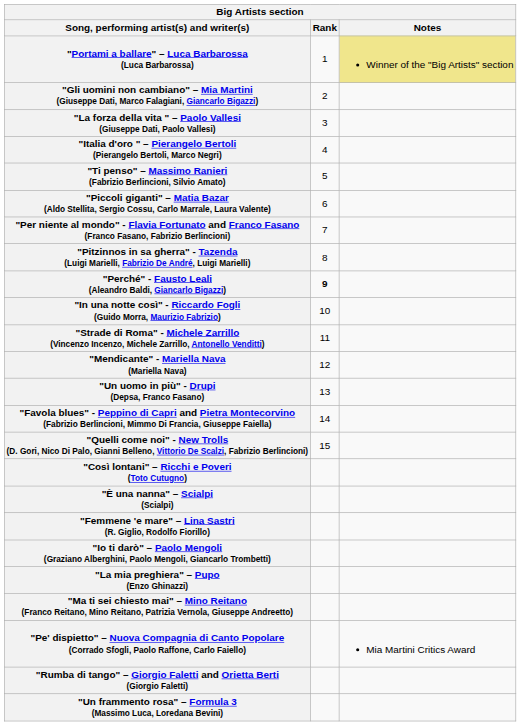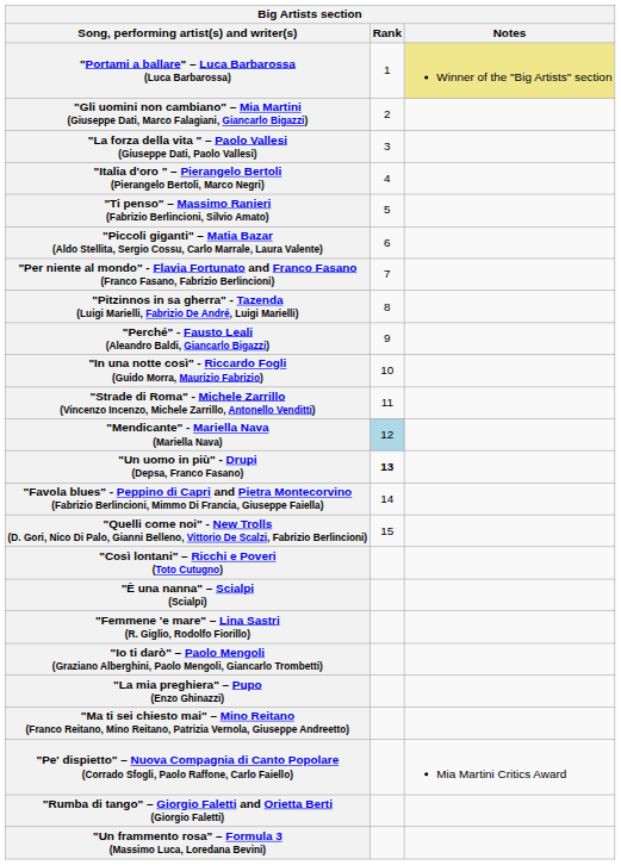 <table class="plainrowheaders wikitable">
 <tr>
 <th colspan="3">Big Artists section </th>
 </tr>
 <tr>
 <th>Song, performing artist(s) and writer(s)</th>
 <th>Rank</th>
 <th>Notes</th>
 </tr>
 <tr>
 <th scope="row">"<a href='#'>Portami a ballare</a>" –  <a href='#'>Luca Barbarossa</a>  <br><small>(Luca Barbarossa)</small></th>
 <td style="text-align:center;">1</td>
 <td style="background: khaki;"><br><ul><li>Winner of the "Big Artists" section</li></ul></td>
 </tr>
 <tr>
 <th scope="row">"Gli uomini non cambiano" – <a href='#'>Mia Martini</a> <br><small>(Giuseppe Dati, Marco Falagiani, <a href='#'>Giancarlo Bigazzi</a>) </small></th>
 <td style="text-align:center;">2</td>
 <td></td>
 </tr>
 <tr>
 <th scope="row">"La forza della vita " – <a href='#'>Paolo Vallesi</a>  <br><small>(Giuseppe Dati, Paolo Vallesi)</small></th>
 <td style="text-align:center;">3</td>
 <td></td>
 </tr>
 <tr>
 <th scope="row">"Italia d'oro " – <a href='#'>Pierangelo Bertoli</a><br><small> (Pierangelo Bertoli, Marco Negri)</small></th>
 <td style="text-align:center;">4</td>
 <td></td>
 </tr>
 <tr>
 <th scope="row">"Ti penso" –  <a href='#'>Massimo Ranieri</a> <br><small> (Fabrizio Berlincioni, Silvio Amato)</small></th>
 <td style="text-align:center;">5</td>
 <td></td>
 </tr>
 <tr>
 <th scope="row">"Piccoli giganti"  – <a href='#'>Matia Bazar</a>   <br><small> (Aldo Stellita, Sergio Cossu, Carlo Marrale, Laura Valente) </small></th>
 <td style="text-align:center;">6</td>
 <td></td>
 </tr>
 <tr>
 <th scope="row">"Per niente al mondo" -  <a href='#'>Flavia Fortunato</a> and  <a href='#'>Franco Fasano</a>   <br><small> (Franco Fasano, Fabrizio Berlincioni) </small></th>
 <td style="text-align:center;">7</td>
 <td></td>
 </tr>
 <tr>
 <th scope="row">"Pitzinnos in sa gherra" -  <a href='#'>Tazenda</a> <br><small>  (Luigi Marielli, <a href='#'>Fabrizio De André</a>, Luigi Marielli) </small></th>
 <td style="text-align:center;">8</td>
 <td></td>
 </tr>
 <tr>
 <th scope="row">"Perché" -  <a href='#'>Fausto Leali</a>  <br><small> (Aleandro Baldi, <a href='#'>Giancarlo Bigazzi</a>)  </small></th>
-<td style="text-align:center;"><strong>9</strong></td>
+<td style="text-align:center;">9</td>
 <td></td>
 </tr>
 <tr>
 <th scope="row">"In una notte così" - <a href='#'>Riccardo Fogli</a>  <br><small> (Guido Morra, <a href='#'>Maurizio Fabrizio</a>) </small></th>
 <td style="text-align:center;">10</td>
 <td></td>
 </tr>
 <tr>
 <th scope="row">"Strade di Roma" - <a href='#'>Michele Zarrillo</a> <br><small>  (Vincenzo Incenzo, Michele Zarrillo, <a href='#'>Antonello Venditti</a>) </small></th>
 <td style="text-align:center;">11</td>
 <td></td>
 </tr>
 <tr>
 <th scope="row">"Mendicante" -  <a href='#'>Mariella Nava</a><br><small>(Mariella Nava)</small></th>
-<td style="text-align:center;">12</td>
+<td style="background: lightblue; text-align:center;">12</td>
 <td></td>
 </tr>
 <tr>
 <th scope="row">"Un uomo in più" - <a href='#'>Drupi</a>   <br><small> (Depsa, Franco Fasano) </small></th>
-<td style="text-align:center;">13</td>
+<td style="text-align:center;"><strong>13</strong></td>
 <td></td>
 </tr>
 <tr>
 <th scope="row">"Favola blues" - <a href='#'>Peppino di Capri</a> and <a href='#'>Pietra Montecorvino</a>  <br><small> (Fabrizio Berlincioni, Mimmo Di Francia, Giuseppe Faiella) </small></th>
 <td style="text-align:center;">14</td>
 <td></td>
 </tr>
 <tr>
 <th scope="row">"Quelli come noi" - <a href='#'>New Trolls</a>  <br><small>(D. Gori, Nico Di Palo, Gianni Belleno, <a href='#'>Vittorio De Scalzi</a>, Fabrizio Berlincioni)</small></th>
 <td style="text-align:center;">15</td>
 <td></td>
 </tr>
 <tr>
 <th scope="row">"Così lontani" –  <a href='#'>Ricchi e Poveri</a> <br><small>(<a href='#'>Toto Cutugno</a>) </small></th>
 <td></td>
 <td></td>
 </tr>
 <tr>
 <th scope="row">"È una nanna" –  <a href='#'>Scialpi</a> <br><small>(Scialpi)</small></th>
 <td></td>
 <td></td>
 </tr>
 <tr>
 <th scope="row">"Femmene 'e mare" – <a href='#'>Lina Sastri</a> <br><small>(R. Giglio, Rodolfo Fiorillo)</small></th>
 <td></td>
 <td></td>
 </tr>
 <tr>
 <th scope="row">"Io ti darò" –  <a href='#'>Paolo Mengoli</a> <br><small> (Graziano Alberghini, Paolo Mengoli, Giancarlo Trombetti)</small></th>
 <td></td>
 <td></td>
 </tr>
 <tr>
 <th scope="row">"La mia preghiera" – <a href='#'>Pupo</a> <br><small>(Enzo Ghinazzi)</small></th>
 <td></td>
 <td></td>
 </tr>
 <tr>
 <th scope="row">"Ma ti sei chiesto mai" – <a href='#'>Mino Reitano</a> <br><small>(Franco Reitano, Mino Reitano, Patrizia Vernola, Giuseppe Andreetto)</small></th>
 <td></td>
 <td></td>
 </tr>
 <tr>
 <th scope="row">"Pe' dispietto" – <a href='#'>Nuova Compagnia di Canto Popolare</a> <br><small>(Corrado Sfogli, Paolo Raffone, Carlo Faiello)</small></th>
 <td></td>
 <td><br><ul><li>Mia Martini Critics Award</li></ul></td>
 </tr>
 <tr>
 <th scope="row">"Rumba di tango" –   <a href='#'>Giorgio Faletti</a> and <a href='#'>Orietta Berti</a><br><small>(Giorgio Faletti)</small></th>
 <td></td>
 <td></td>
 </tr>
 <tr>
 <th scope="row">"Un frammento rosa" – <a href='#'>Formula 3</a> <br><small>(Massimo Luca, Loredana Bevini)</small></th>
 <td></td>
 <td></td>
 </tr>
 </table>
